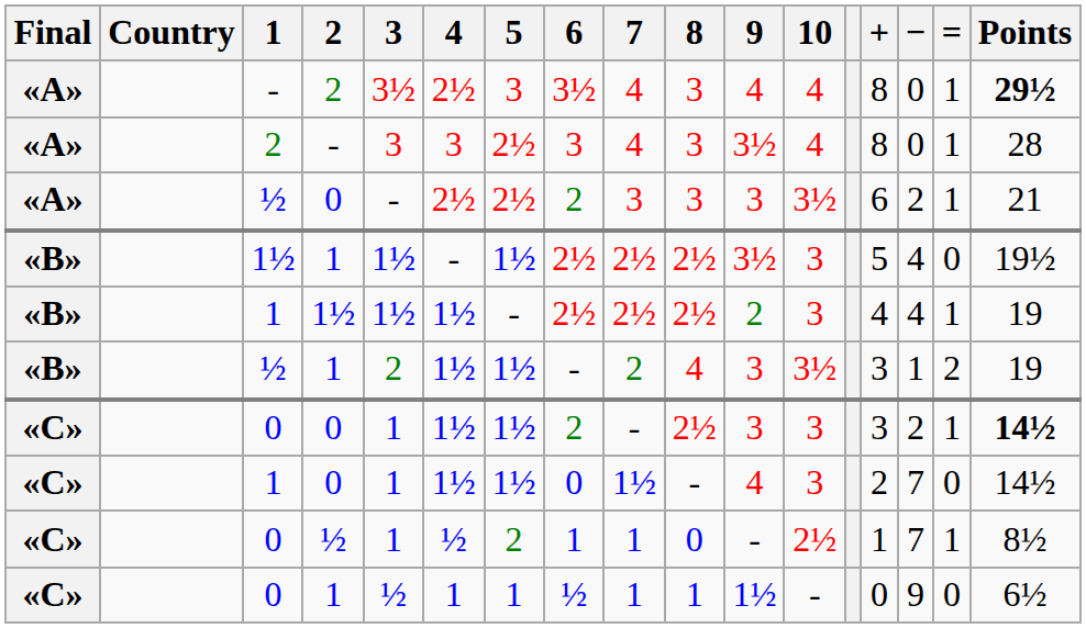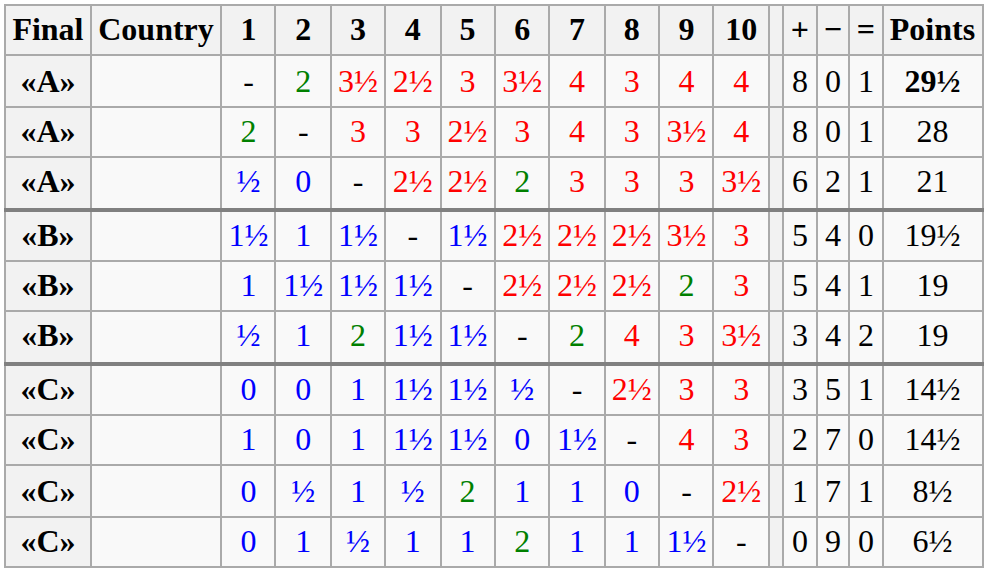 <table class="wikitable" style="text-align:center">
 <tr>
 <th>Final</th>
 <th>Country</th>
 <th>1</th>
 <th>2</th>
 <th>3</th>
 <th>4</th>
 <th>5</th>
 <th>6</th>
 <th>7</th>
 <th>8</th>
 <th>9</th>
 <th>10</th>
 <th></th>
 <th>+</th>
 <th>−</th>
 <th>=</th>
 <th>Points</th>
 </tr>
 <tr>
 <th>«A»</th>
 <td style="text-align: left"></td>
 <td>-</td>
 <td style="color:green;">2</td>
 <td style="color:red;">3½</td>
 <td style="color:red;">2½</td>
 <td style="color:red;">3</td>
 <td style="color:red;">3½</td>
 <td style="color:red;">4</td>
 <td style="color:red;">3</td>
 <td style="color:red;">4</td>
 <td style="color:red;">4</td>
 <th></th>
 <td>8</td>
 <td>0</td>
 <td>1</td>
 <td><strong>29½ </strong></td>
 </tr>
 <tr>
 <th>«A»</th>
 <td style="text-align: left"></td>
 <td style="color:green;">2</td>
 <td>-</td>
 <td style="color:red;">3</td>
 <td style="color:red;">3</td>
 <td style="color:red;">2½</td>
 <td style="color:red;">3</td>
 <td style="color:red;">4</td>
 <td style="color:red;">3</td>
 <td style="color:red;">3½</td>
 <td style="color:red;">4</td>
 <th></th>
 <td>8</td>
 <td>0</td>
 <td>1</td>
 <td>28</td>
 </tr>
 <tr>
 <th>«A»</th>
 <td style="text-align: left"></td>
 <td style="color:blue;">½</td>
 <td style="color:blue;">0</td>
 <td>-</td>
 <td style="color:red;">2½</td>
 <td style="color:red;">2½</td>
 <td style="color:green;">2</td>
 <td style="color:red;">3</td>
 <td style="color:red;">3</td>
 <td style="color:red;">3</td>
 <td style="color:red;">3½</td>
 <th></th>
 <td>6</td>
 <td>2</td>
 <td>1</td>
 <td>21</td>
 </tr>
 <tr style="border-top:2px solid grey;">
 <th>«B»</th>
 <td style="text-align: left"></td>
 <td style="color:blue;">1½</td>
 <td style="color:blue;">1</td>
 <td style="color:blue;">1½</td>
 <td>-</td>
 <td style="color:blue;">1½</td>
 <td style="color:red;">2½</td>
 <td style="color:red;">2½</td>
 <td style="color:red;">2½</td>
 <td style="color:red;">3½</td>
 <td style="color:red;">3</td>
 <th></th>
 <td>5</td>
 <td>4</td>
 <td>0</td>
 <td>19½</td>
 </tr>
 <tr>
 <th>«B»</th>
 <td style="text-align: left"></td>
 <td style="color:blue;">1</td>
 <td style="color:blue;">1½</td>
 <td style="color:blue;">1½</td>
 <td style="color:blue;">1½</td>
 <td>-</td>
 <td style="color:red;">2½</td>
 <td style="color:red;">2½</td>
 <td style="color:red;">2½</td>
 <td style="color:green;">2</td>
 <td style="color:red;">3</td>
 <th></th>
-<td>4</td>
+<td>5</td>
 <td>4</td>
 <td>1</td>
 <td>19</td>
 </tr>
 <tr>
 <th>«B»</th>
 <td style="text-align: left"></td>
 <td style="color:blue;">½</td>
 <td style="color:blue;">1</td>
 <td style="color:green;">2</td>
 <td style="color:blue;">1½</td>
 <td style="color:blue;">1½</td>
 <td>-</td>
 <td style="color:green;">2</td>
 <td style="color:red;">4</td>
 <td style="color:red;">3</td>
 <td style="color:red;">3½</td>
 <th></th>
 <td>3</td>
-<td>1</td>
+<td>4</td>
 <td>2</td>
 <td>19</td>
 </tr>
 <tr style="border-top:2px solid grey;">
 <th>«C»</th>
 <td style="text-align: left"></td>
 <td style="color:blue;">0</td>
 <td style="color:blue;">0</td>
 <td style="color:blue;">1</td>
 <td style="color:blue;">1½</td>
 <td style="color:blue;">1½</td>
-<td style="color:green;">2</td>
+<td style="color:blue;">½</td>
 <td>-</td>
 <td style="color:red;">2½</td>
 <td style="color:red;">3</td>
 <td style="color:red;">3</td>
 <th></th>
 <td>3</td>
-<td>2</td>
+<td>5</td>
 <td>1</td>
-<td><strong>14½</strong></td>
+<td>14½</td>
 </tr>
 <tr>
 <th>«C»</th>
 <td style="text-align: left"></td>
 <td style="color:blue;">1</td>
 <td style="color:blue;">0</td>
 <td style="color:blue;">1</td>
 <td style="color:blue;">1½</td>
 <td style="color:blue;">1½</td>
 <td style="color:blue;">0</td>
 <td style="color:blue;">1½</td>
 <td>-</td>
 <td style="color:red;">4</td>
 <td style="color:red;">3</td>
 <th></th>
 <td>2</td>
 <td>7</td>
 <td>0</td>
 <td>14½</td>
 </tr>
 <tr>
 <th>«C»</th>
 <td style="text-align: left"></td>
 <td style="color:blue;">0</td>
 <td style="color:blue;">½</td>
 <td style="color:blue;">1</td>
 <td style="color:blue;">½</td>
 <td style="color:green;">2</td>
 <td style="color:blue;">1</td>
 <td style="color:blue;">1</td>
 <td style="color:blue;">0</td>
 <td>-</td>
 <td style="color:red;">2½</td>
 <th></th>
 <td>1</td>
 <td>7</td>
 <td>1</td>
 <td>8½</td>
 </tr>
 <tr>
 <th>«C»</th>
 <td style="text-align: left"></td>
 <td style="color:blue;">0</td>
 <td style="color:blue;">1</td>
 <td style="color:blue;">½</td>
 <td style="color:blue;">1</td>
 <td style="color:blue;">1</td>
-<td style="color:blue;">½</td>
+<td style="color:green;">2</td>
 <td style="color:blue;">1</td>
 <td style="color:blue;">1</td>
 <td style="color:blue;">1½</td>
 <td>-</td>
 <th></th>
 <td>0</td>
 <td>9</td>
 <td>0</td>
 <td>6½</td>
 </tr>
 </table>
